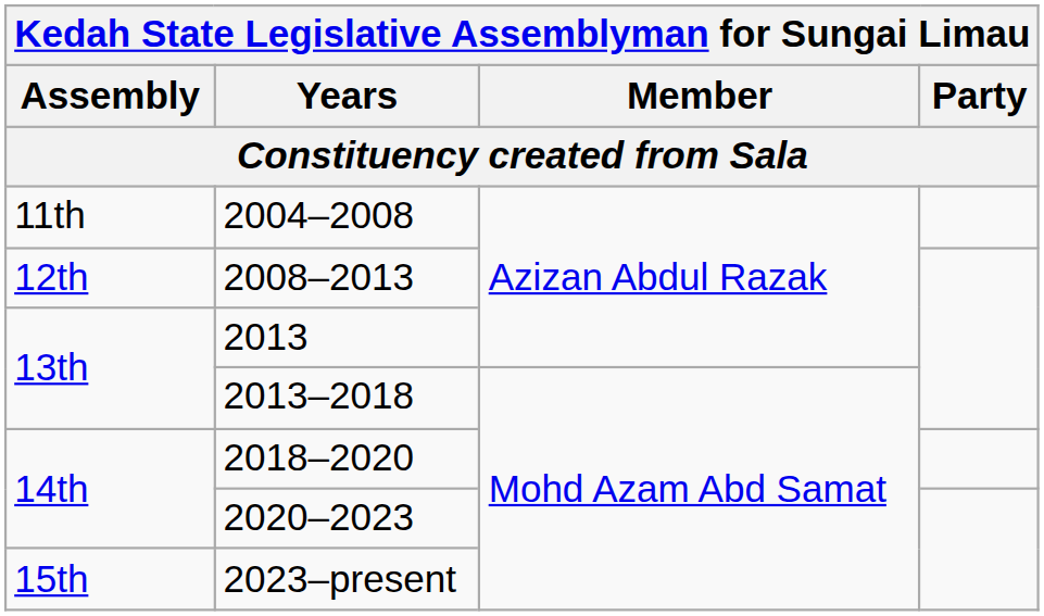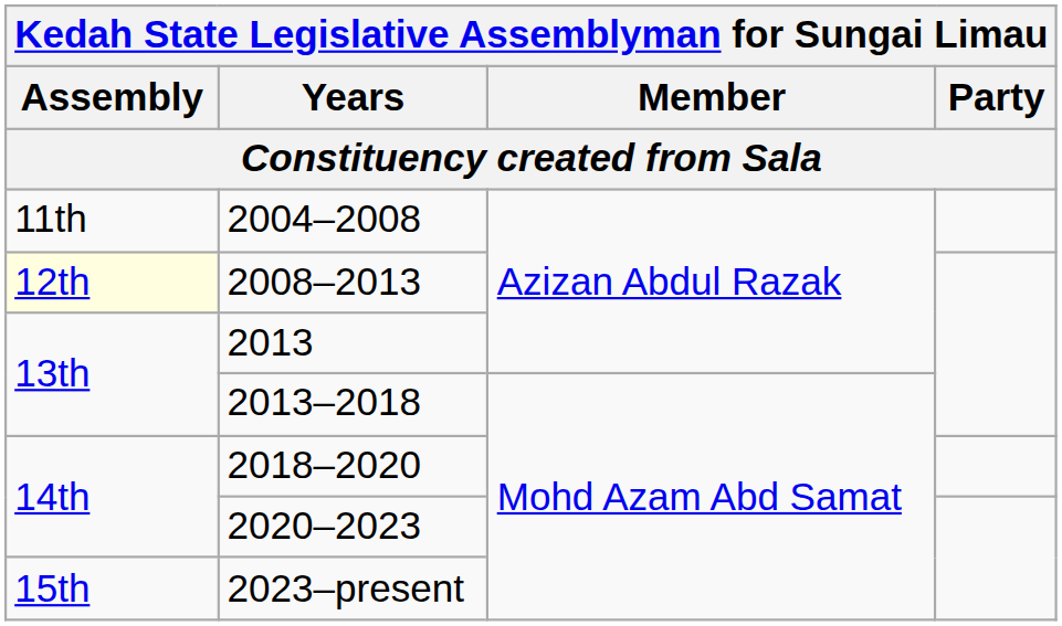 <table class="wikitable">
 <tr>
 <th colspan="4"><a href='#'>Kedah State Legislative Assemblyman</a> for Sungai Limau</th>
 </tr>
 <tr>
 <th>Assembly</th>
 <th>Years</th>
 <th>Member</th>
 <th>Party</th>
 </tr>
 <tr>
 <th colspan="4" align="center"><em>Constituency created from Sala</em></th>
 </tr>
 <tr>
 <td>11th</td>
 <td>2004–2008</td>
 <td rowspan="3"><a href='#'>Azizan Abdul Razak</a></td>
 <td rowspan="1"></td>
 </tr>
 <tr>
-<td><a href='#'>12th</a></td>
+<td style="background: lightyellow;"><a href='#'>12th</a></td>
 <td>2008–2013</td>
 <td rowspan=3></td>
 </tr>
 <tr>
 <td rowspan="2"><a href='#'>13th</a></td>
 <td>2013</td>
 </tr>
 <tr>
 <td>2013–2018</td>
 <td rowspan="4"><a href='#'>Mohd Azam Abd Samat</a></td>
 </tr>
 <tr>
 <td rowspan="2"><a href='#'>14th</a></td>
 <td>2018–2020</td>
 <td rowspan="1"></td>
 </tr>
 <tr>
 <td>2020–2023</td>
 <td rowspan="2"></td>
 </tr>
 <tr>
 <td><a href='#'>15th</a></td>
 <td>2023–present</td>
 </tr>
 </table>
